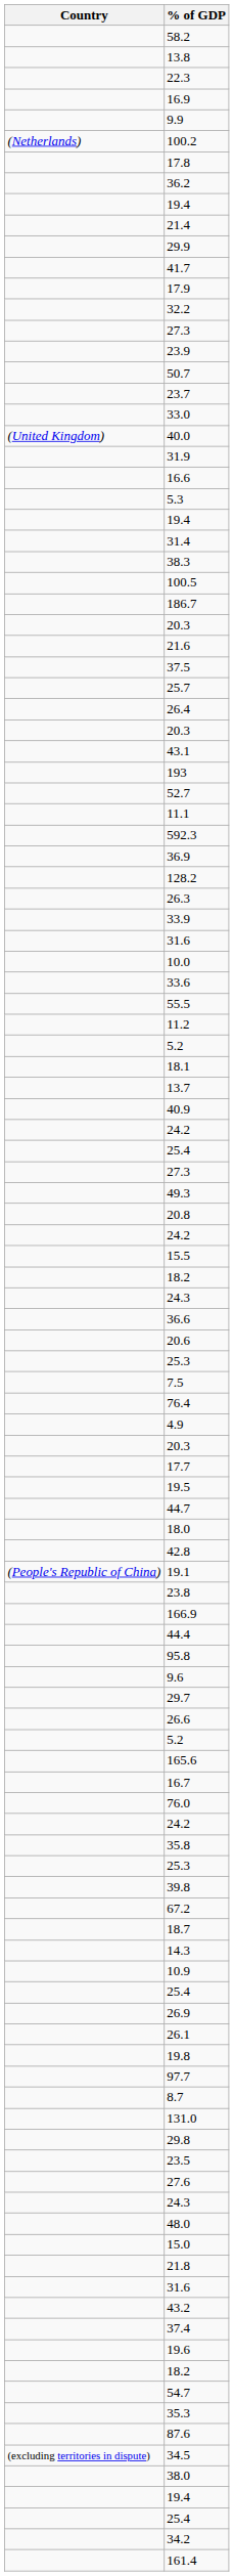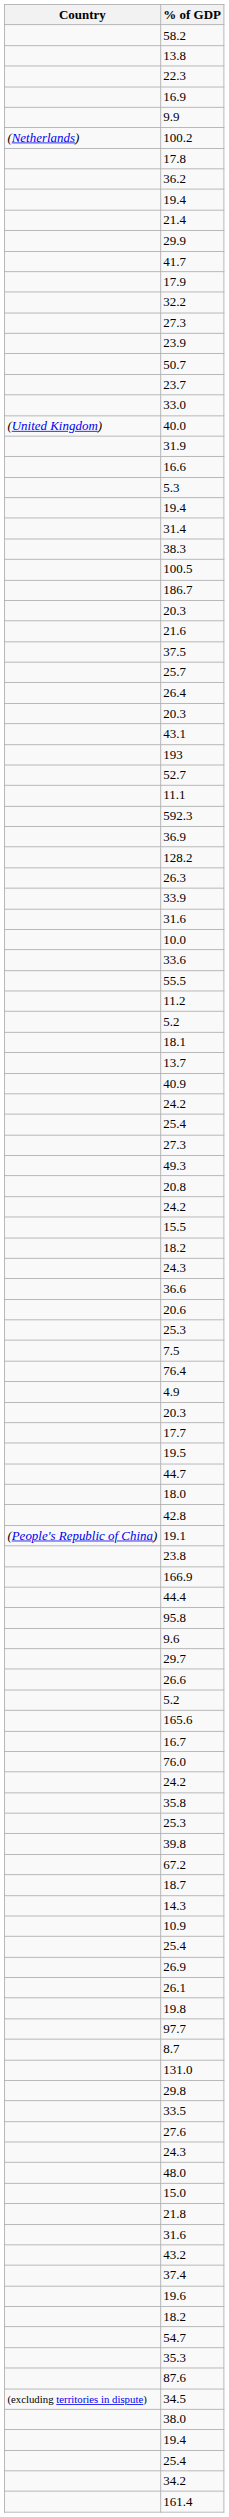 <table class="wikitable sortable">
 <tr>
 <th>Country</th>
 <th>% of GDP</th>
 </tr>
 <tr>
 <td></td>
 <td>58.2</td>
 </tr>
 <tr>
 <td></td>
 <td>13.8</td>
 </tr>
 <tr>
 <td></td>
 <td>22.3</td>
 </tr>
 <tr>
 <td></td>
 <td>16.9</td>
 </tr>
 <tr>
 <td></td>
 <td>9.9</td>
 </tr>
 <tr>
 <td><em> (<a href='#'>Netherlands</a>)</em></td>
 <td>100.2</td>
 </tr>
 <tr>
 <td></td>
 <td>17.8</td>
 </tr>
 <tr>
 <td></td>
 <td>36.2</td>
 </tr>
 <tr>
 <td></td>
 <td>19.4</td>
 </tr>
 <tr>
 <td></td>
 <td>21.4</td>
 </tr>
 <tr>
 <td></td>
 <td>29.9</td>
 </tr>
 <tr>
 <td></td>
 <td>41.7</td>
 </tr>
 <tr>
 <td></td>
 <td>17.9</td>
 </tr>
 <tr>
 <td></td>
 <td>32.2</td>
 </tr>
 <tr>
 <td></td>
 <td>27.3</td>
 </tr>
 <tr>
 <td></td>
 <td>23.9</td>
 </tr>
 <tr>
 <td></td>
 <td>50.7</td>
 </tr>
 <tr>
 <td></td>
 <td>23.7</td>
 </tr>
 <tr>
 <td></td>
 <td>33.0</td>
 </tr>
 <tr>
 <td><em> (<a href='#'>United Kingdom</a>)</em></td>
 <td>40.0</td>
 </tr>
 <tr>
 <td></td>
 <td>31.9</td>
 </tr>
 <tr>
 <td></td>
 <td>16.6</td>
 </tr>
 <tr>
 <td></td>
 <td>5.3</td>
 </tr>
 <tr>
 <td></td>
 <td>19.4</td>
 </tr>
 <tr>
 <td></td>
 <td>31.4</td>
 </tr>
 <tr>
 <td></td>
 <td>38.3</td>
 </tr>
 <tr>
 <td></td>
 <td>100.5</td>
 </tr>
 <tr>
 <td></td>
 <td>186.7</td>
 </tr>
 <tr>
 <td></td>
 <td>20.3</td>
 </tr>
 <tr>
 <td></td>
 <td>21.6</td>
 </tr>
 <tr>
 <td></td>
 <td>37.5</td>
 </tr>
 <tr>
 <td></td>
 <td>25.7</td>
 </tr>
 <tr>
 <td></td>
 <td>26.4</td>
 </tr>
 <tr>
 <td></td>
 <td>20.3</td>
 </tr>
 <tr>
 <td></td>
 <td>43.1</td>
 </tr>
 <tr>
 <td></td>
 <td>193</td>
 </tr>
 <tr>
 <td></td>
 <td>52.7</td>
 </tr>
 <tr>
 <td></td>
 <td>11.1</td>
 </tr>
 <tr>
 <td></td>
 <td>592.3</td>
 </tr>
 <tr>
 <td></td>
 <td>36.9</td>
 </tr>
 <tr>
 <td></td>
 <td>128.2</td>
 </tr>
 <tr>
 <td><em></em></td>
 <td>26.3</td>
 </tr>
 <tr>
 <td></td>
 <td>33.9</td>
 </tr>
 <tr>
 <td></td>
 <td>31.6</td>
 </tr>
 <tr>
 <td></td>
 <td>10.0</td>
 </tr>
 <tr>
 <td></td>
 <td>33.6</td>
 </tr>
 <tr>
 <td></td>
 <td>55.5</td>
 </tr>
 <tr>
 <td></td>
 <td>11.2</td>
 </tr>
 <tr>
 <td></td>
 <td>5.2</td>
 </tr>
 <tr>
 <td></td>
 <td>18.1</td>
 </tr>
 <tr>
 <td></td>
 <td>13.7</td>
 </tr>
 <tr>
 <td></td>
 <td>40.9</td>
 </tr>
 <tr>
 <td><em></em></td>
 <td>24.2</td>
 </tr>
 <tr>
 <td></td>
 <td>25.4</td>
 </tr>
 <tr>
 <td></td>
 <td>27.3</td>
 </tr>
 <tr>
 <td></td>
 <td>49.3</td>
 </tr>
 <tr>
 <td></td>
 <td>20.8</td>
 </tr>
 <tr>
 <td></td>
 <td>24.2</td>
 </tr>
 <tr>
 <td></td>
 <td>15.5</td>
 </tr>
 <tr>
 <td></td>
 <td>18.2</td>
 </tr>
 <tr>
 <td></td>
 <td>24.3</td>
 </tr>
 <tr>
 <td></td>
 <td>36.6</td>
 </tr>
 <tr>
 <td></td>
 <td>20.6</td>
 </tr>
 <tr>
 <td></td>
 <td>25.3</td>
 </tr>
 <tr>
 <td></td>
 <td>7.5</td>
 </tr>
 <tr>
 <td></td>
 <td>76.4</td>
 </tr>
 <tr>
 <td></td>
 <td>4.9</td>
 </tr>
 <tr>
 <td></td>
 <td>20.3</td>
 </tr>
 <tr>
 <td></td>
 <td>17.7</td>
 </tr>
 <tr>
 <td></td>
 <td>19.5</td>
 </tr>
 <tr>
 <td></td>
 <td>44.7</td>
 </tr>
 <tr>
 <td></td>
 <td>18.0</td>
 </tr>
 <tr>
 <td></td>
 <td>42.8</td>
 </tr>
 <tr>
 <td><em> (<a href='#'>People's Republic of China</a>)</em></td>
 <td>19.1</td>
 </tr>
 <tr>
 <td></td>
 <td>23.8</td>
 </tr>
 <tr>
 <td></td>
 <td>166.9</td>
 </tr>
 <tr>
 <td></td>
 <td>44.4</td>
 </tr>
 <tr>
 <td></td>
 <td>95.8</td>
 </tr>
 <tr>
 <td></td>
 <td>9.6</td>
 </tr>
 <tr>
 <td></td>
 <td>29.7</td>
 </tr>
 <tr>
 <td></td>
 <td>26.6</td>
 </tr>
 <tr>
 <td></td>
 <td>5.2</td>
 </tr>
 <tr>
 <td></td>
 <td>165.6</td>
 </tr>
 <tr>
 <td></td>
 <td>16.7</td>
 </tr>
 <tr>
 <td></td>
 <td>76.0</td>
 </tr>
 <tr>
 <td></td>
 <td>24.2</td>
 </tr>
 <tr>
 <td></td>
 <td>35.8</td>
 </tr>
 <tr>
 <td></td>
 <td>25.3</td>
 </tr>
 <tr>
 <td></td>
 <td>39.8</td>
 </tr>
 <tr>
 <td></td>
 <td>67.2</td>
 </tr>
 <tr>
 <td></td>
 <td>18.7</td>
 </tr>
 <tr>
 <td></td>
 <td>14.3</td>
 </tr>
 <tr>
 <td></td>
 <td>10.9</td>
 </tr>
 <tr>
 <td></td>
 <td>25.4</td>
 </tr>
 <tr>
 <td></td>
 <td>26.9</td>
 </tr>
 <tr>
 <td></td>
 <td>26.1</td>
 </tr>
 <tr>
 <td></td>
 <td>19.8</td>
 </tr>
 <tr>
 <td></td>
 <td>97.7</td>
 </tr>
 <tr>
 <td></td>
 <td>8.7</td>
 </tr>
 <tr>
 <td></td>
 <td>131.0</td>
 </tr>
 <tr>
 <td></td>
 <td>29.8</td>
 </tr>
 <tr>
 <td></td>
-<td>23.5</td>
+<td>33.5</td>
 </tr>
 <tr>
 <td></td>
 <td>27.6</td>
 </tr>
 <tr>
 <td></td>
 <td>24.3</td>
 </tr>
 <tr>
 <td></td>
 <td>48.0</td>
 </tr>
 <tr>
 <td></td>
 <td>15.0</td>
 </tr>
 <tr>
 <td></td>
 <td>21.8</td>
 </tr>
 <tr>
 <td></td>
 <td>31.6</td>
 </tr>
 <tr>
 <td></td>
 <td>43.2</td>
 </tr>
 <tr>
 <td></td>
 <td>37.4</td>
 </tr>
 <tr>
 <td></td>
 <td>19.6</td>
 </tr>
 <tr>
 <td></td>
 <td>18.2</td>
 </tr>
 <tr>
 <td></td>
 <td>54.7</td>
 </tr>
 <tr>
 <td></td>
 <td>35.3</td>
 </tr>
 <tr>
 <td><em></em></td>
 <td>87.6</td>
 </tr>
 <tr>
 <td> <small> (excluding <a href='#'>territories in dispute</a>)</small></td>
 <td>34.5</td>
 </tr>
 <tr>
 <td></td>
 <td>38.0</td>
 </tr>
 <tr>
 <td></td>
 <td>19.4</td>
 </tr>
 <tr>
 <td></td>
 <td>25.4</td>
 </tr>
 <tr>
 <td></td>
 <td>34.2</td>
 </tr>
 <tr>
 <td></td>
 <td>161.4</td>
 </tr>
 </table>
